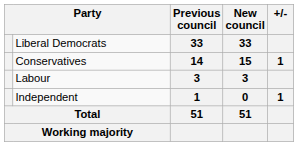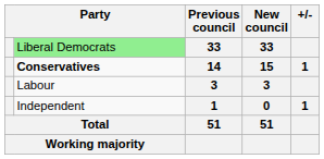 <table class="wikitable">
 <tr>
 <th valign=top colspan="2" style="width: 230px">Party</th>
 <th valign=top style="width: 30px">Previous council</th>
 <th valign=top style="width: 30px">New council</th>
 <th valign=top style="width: 30px">+/-</th>
 </tr>
 <tr>
 <th style="background-color: "></th>
-<td>Liberal Democrats</td>
+<td style="background: lightgreen;">Liberal Democrats</td>
 <th align=center>33</th>
 <th align=center>33</th>
 <th align=center></th>
 </tr>
 <tr>
 <th style="background-color: "></th>
-<td>Conservatives</td>
+<td><strong>Conservatives</strong></td>
 <th align=center>14</th>
 <th align=center>15</th>
 <th align=center>1</th>
 </tr>
 <tr>
 <th style="background-color: "></th>
 <td>Labour</td>
 <th align=center>3</th>
 <th align=center>3</th>
 <th align=center></th>
 </tr>
 <tr>
 <th style="background-color: "></th>
 <td>Independent</td>
 <th align=center>1</th>
 <th align=center>0</th>
 <th align=center>1</th>
 </tr>
 <tr>
 <th colspan=2>Total</th>
 <th style="text-align: center">51</th>
 <th style="text-align: center">51</th>
 <th></th>
 </tr>
 <tr>
 <th colspan=2>Working majority</th>
 <th></th>
 <th></th>
 <th></th>
 </tr>
 </table>
